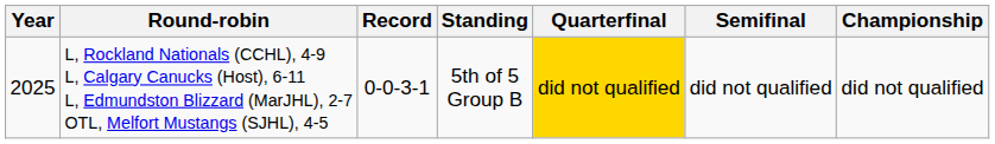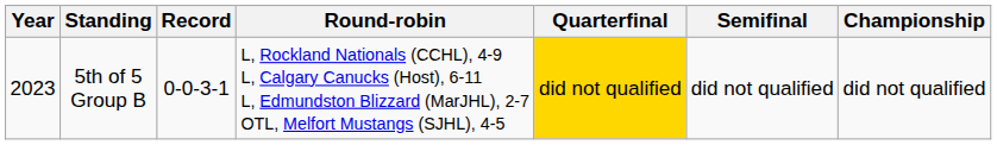 <table class="wikitable" style="text-align:center;">
 <tr>
 <th>Year</th>
+<th>Standing</th>
+<th>Record</th>
 <th>Round-robin</th>
-<th>Record</th>
-<th>Standing</th>
 <th>Quarterfinal</th>
 <th>Semifinal</th>
 <th>Championship</th>
 </tr>
 <tr>
-<td>2025</td>
+<td>2023</td>
+<td>5th of 5 <br>Group B</td>
+<td>0-0-3-1</td>
 <td align=left><small>L, <a href='#'>Rockland Nationals</a> (CCHL), 4-9<br>L, <a href='#'>Calgary Canucks</a> (Host), 6-11<br>L, <a href='#'>Edmundston Blizzard</a> (MarJHL), 2-7<br>OTL, <a href='#'>Melfort Mustangs</a> (SJHL), 4-5</small></td>
-<td>0-0-3-1</td>
-<td>5th of 5 <br>Group B</td>
 <td style="background: gold;">did not qualified</td>
 <td>did not qualified</td>
 <td>did not qualified</td>
 </tr>
 </table>
